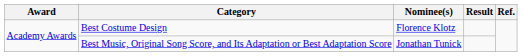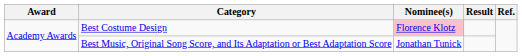 <table class="wikitable plainrowheaders">
 <tr>
 <th>Award</th>
 <th>Category</th>
 <th>Nominee(s)</th>
 <th>Result</th>
 <th>Ref.</th>
 </tr>
 <tr>
 <td rowspan="2"><a href='#'>Academy Awards</a></td>
 <td><a href='#'>Best Costume Design</a></td>
-<td><a href='#'>Florence Klotz</a></td>
+<td style="background: pink;"><a href='#'>Florence Klotz</a></td>
 <td></td>
 <td rowspan="2" align="center"></td>
 </tr>
 <tr>
 <td><a href='#'>Best Music, Original Song Score, and Its Adaptation or Best Adaptation Score</a></td>
 <td><a href='#'>Jonathan Tunick</a></td>
 <td></td>
 </tr>
 </table>
